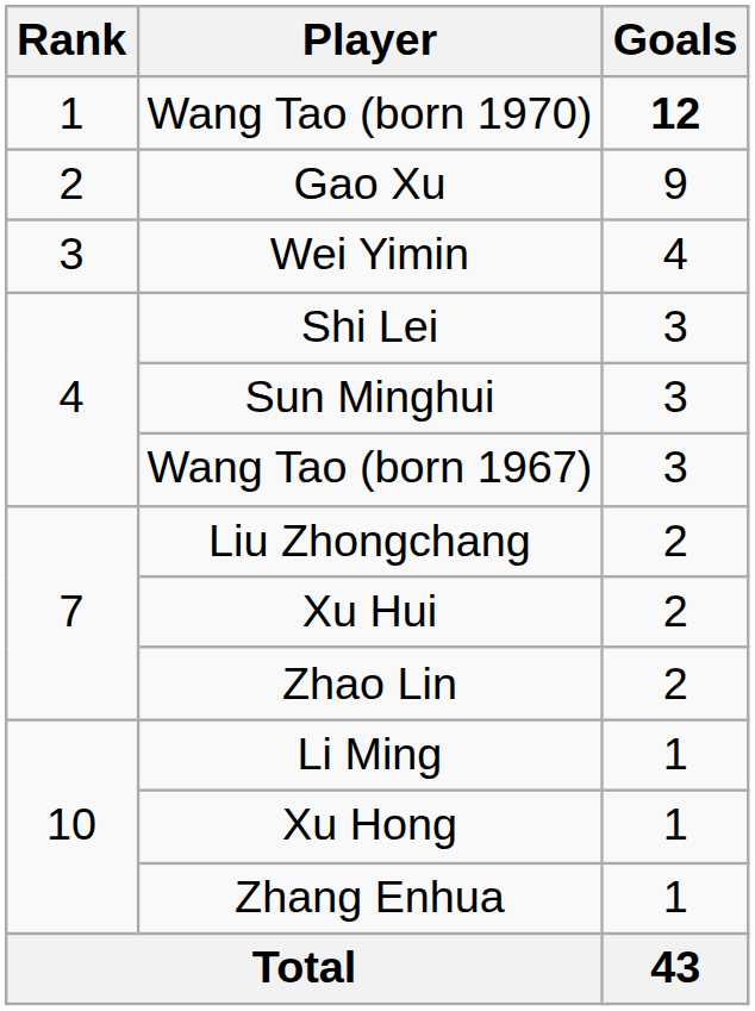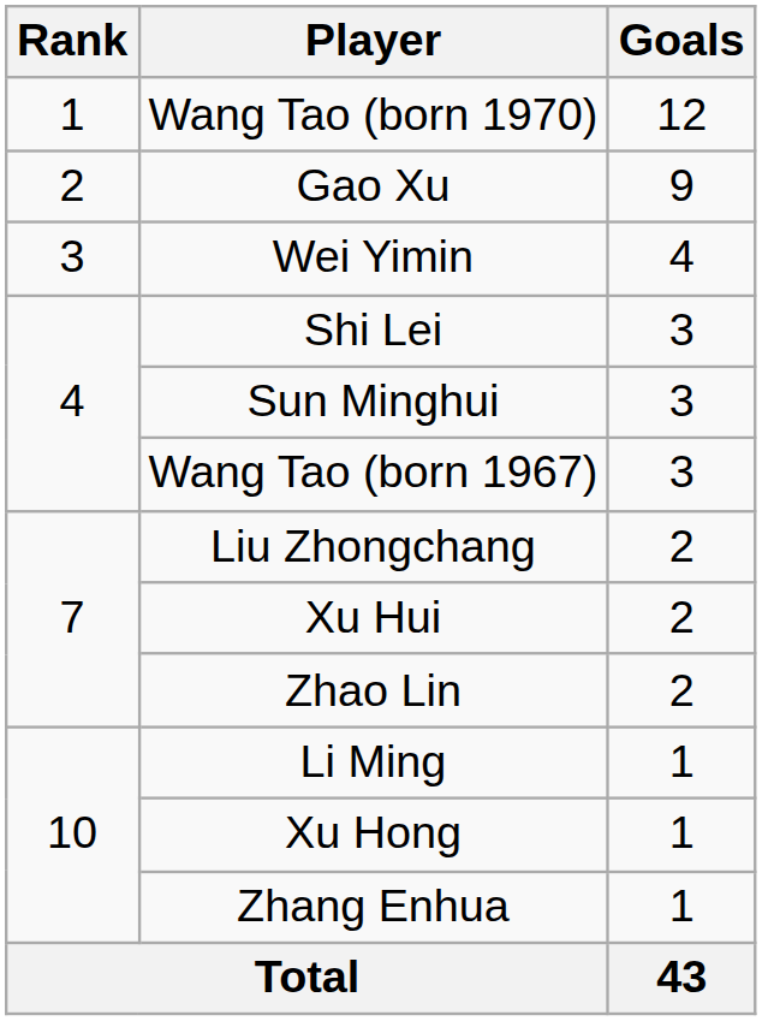 <table class="wikitable" style="text-align:center">
 <tr>
 <th>Rank</th>
 <th>Player</th>
 <th>Goals</th>
 </tr>
 <tr>
 <td>1</td>
 <td>Wang Tao (born 1970)</td>
-<td><strong>12</strong></td>
+<td>12</td>
 </tr>
 <tr>
 <td>2</td>
 <td>Gao Xu</td>
 <td>9</td>
 </tr>
 <tr>
 <td>3</td>
 <td>Wei Yimin</td>
 <td>4</td>
 </tr>
 <tr>
 <td rowspan="3">4</td>
 <td>Shi Lei</td>
 <td>3</td>
 </tr>
 <tr>
 <td>Sun Minghui</td>
 <td>3</td>
 </tr>
 <tr>
 <td>Wang Tao (born 1967)</td>
 <td>3</td>
 </tr>
 <tr>
 <td rowspan="3">7</td>
 <td>Liu Zhongchang</td>
 <td>2</td>
 </tr>
 <tr>
 <td>Xu Hui</td>
 <td>2</td>
 </tr>
 <tr>
 <td>Zhao Lin</td>
 <td>2</td>
 </tr>
 <tr>
 <td rowspan="3">10</td>
 <td>Li Ming</td>
 <td>1</td>
 </tr>
 <tr>
 <td>Xu Hong</td>
 <td>1</td>
 </tr>
 <tr>
 <td>Zhang Enhua</td>
 <td>1</td>
 </tr>
 <tr>
 <th colspan="2">Total</th>
 <th>43</th>
 </tr>
 </table>
